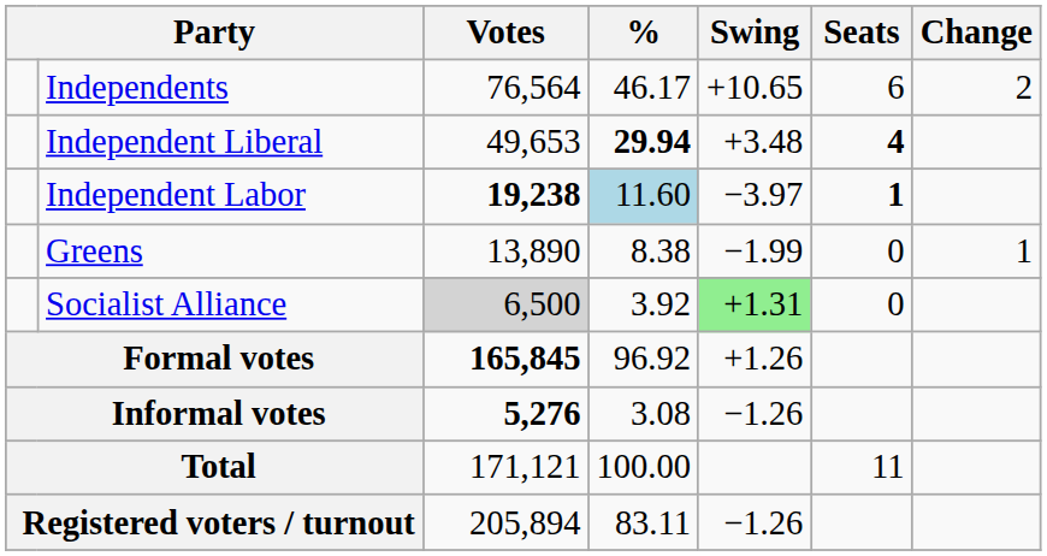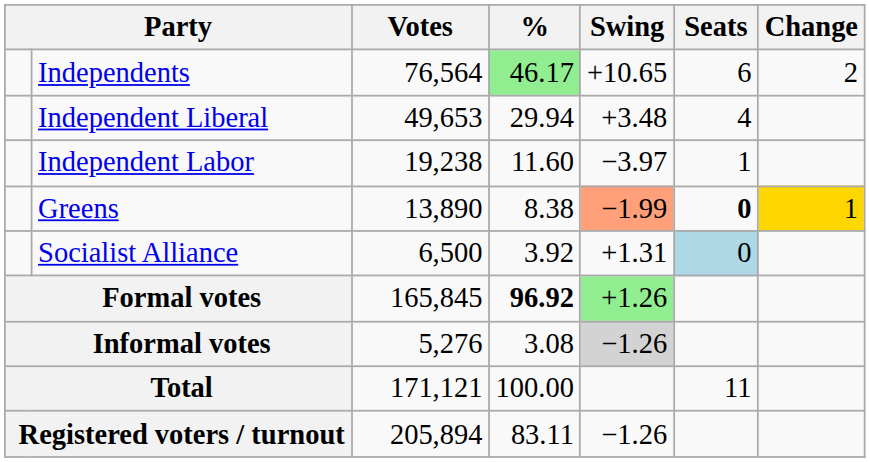 <table class="wikitable" style="text-align:right; margin-bottom:0">
 <tr>
 <th style="width:10px" colspan=3>Party</th>
 <th style="width:70px;">Votes</th>
 <th style="width:40px;">%</th>
 <th style="width:40px;">Swing</th>
 <th style="width:40px;">Seats</th>
 <th style="width:40px;">Change</th>
 </tr>
 <tr>
 <td> </td>
 <td style="text-align:left;" colspan="2"><a href='#'>Independents</a></td>
 <td>76,564</td>
-<td>46.17</td>
+<td style="background: lightgreen;">46.17</td>
 <td>+10.65</td>
 <td>6</td>
 <td> 2</td>
 </tr>
 <tr>
 <td> </td>
 <td colspan="2" style="text-align:left;"><a href='#'>Independent Liberal</a></td>
 <td>49,653</td>
-<td><strong>29.94</strong></td>
+<td>29.94</td>
 <td>+3.48</td>
-<td><strong>4</strong></td>
+<td>4</td>
 <td></td>
 </tr>
 <tr>
 <td> </td>
 <td style="text-align:left;" colspan="2"><a href='#'>Independent Labor</a></td>
-<td><strong>19,238</strong></td>
-<td style="background: lightblue;">11.60</td>
+<td>19,238</td>
+<td>11.60</td>
 <td>−3.97</td>
-<td><strong>1</strong></td>
+<td>1</td>
 <td></td>
 </tr>
 <tr>
 <td> </td>
 <td style="text-align:left;" colspan="2"><a href='#'>Greens</a></td>
 <td>13,890</td>
 <td>8.38</td>
-<td>−1.99</td>
-<td>0</td>
-<td> 1</td>
+<td style="background: lightsalmon;">−1.99</td>
+<td><strong>0</strong></td>
+<td style="background: gold;"> 1</td>
 </tr>
 <tr>
 <td> </td>
 <td style="text-align:left;" colspan="2"><a href='#'>Socialist Alliance</a></td>
-<td style="background: lightgrey;">6,500</td>
+<td>6,500</td>
 <td>3.92</td>
-<td style="background: lightgreen;">+1.31</td>
-<td>0</td>
+<td>+1.31</td>
+<td style="background: lightblue;">0</td>
 <td></td>
 </tr>
 <tr>
 <th colspan="3" rowspan="1"> Formal votes</th>
-<td><strong>165,845</strong></td>
-<td>96.92</td>
-<td>+1.26</td>
+<td>165,845</td>
+<td><strong>96.92</strong></td>
+<td style="background: lightgreen;">+1.26</td>
 <td></td>
 <td></td>
 </tr>
 <tr>
 <th colspan="3" rowspan="1"> Informal votes</th>
-<td><strong>5,276</strong></td>
+<td>5,276</td>
 <td>3.08</td>
-<td>−1.26</td>
+<td style="background: lightgrey;">−1.26</td>
 <td></td>
 <td></td>
 </tr>
 <tr>
 <th colspan="3" rowspan="1"> Total</th>
 <td>171,121</td>
 <td>100.00</td>
 <td></td>
 <td>11</td>
 <td></td>
 </tr>
 <tr>
 <th colspan="3" rowspan="1"> Registered voters / turnout</th>
 <td>205,894</td>
 <td>83.11</td>
 <td>−1.26</td>
 <td></td>
 <td></td>
 </tr>
 </table>
